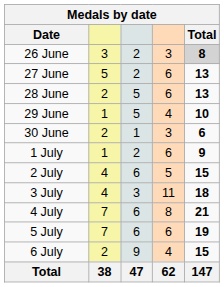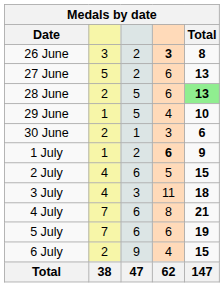 <table class="wikitable" style="font-size:90%; text-align:center;">
 <tr style="background:#efefef;">
 <th colspan=5><strong>Medals by date</strong></th>
 </tr>
 <tr>
 <th width=90><strong>Date</strong></th>
 <th width=30 style="background:#F7F6A8;"></th>
 <th width=30 style="background:#DCE5E5;"></th>
 <th width=30 style="background:#FFDAB9;"></th>
 <th width=30><strong>Total</strong></th>
 </tr>
 <tr>
 <td>26 June</td>
 <td style="background:#F7F6A8;">3</td>
 <td style="background:#DCE5E5;">2</td>
-<td style="background:#FFDAB9;">3</td>
-<td style="background: lightgrey;"><strong>8</strong></td>
+<td style="background:#FFDAB9;"><strong>3</strong></td>
+<td><strong>8</strong></td>
 </tr>
 <tr>
 <td>27 June</td>
 <td style="background:#F7F6A8;">5</td>
 <td style="background:#DCE5E5;">2</td>
 <td style="background:#FFDAB9;">6</td>
 <td><strong>13</strong></td>
 </tr>
 <tr>
 <td>28 June</td>
 <td style="background:#F7F6A8;">2</td>
 <td style="background:#DCE5E5;">5</td>
 <td style="background:#FFDAB9;">6</td>
-<td><strong>13</strong></td>
+<td style="background: lightgreen;"><strong>13</strong></td>
 </tr>
 <tr>
 <td>29 June</td>
 <td style="background:#F7F6A8;">1</td>
 <td style="background:#DCE5E5;">5</td>
 <td style="background:#FFDAB9;">4</td>
 <td><strong>10</strong></td>
 </tr>
 <tr>
 <td>30 June</td>
 <td style="background:#F7F6A8;">2</td>
 <td style="background:#DCE5E5;">1</td>
 <td style="background:#FFDAB9;">3</td>
 <td><strong>6</strong></td>
 </tr>
 <tr>
 <td>1 July</td>
 <td style="background:#F7F6A8;">1</td>
 <td style="background:#DCE5E5;">2</td>
-<td style="background:#FFDAB9;">6</td>
+<td style="background:#FFDAB9;"><strong>6</strong></td>
 <td><strong>9</strong></td>
 </tr>
 <tr>
 <td>2 July</td>
 <td style="background:#F7F6A8;">4</td>
 <td style="background:#DCE5E5;">6</td>
 <td style="background:#FFDAB9;">5</td>
 <td><strong>15</strong></td>
 </tr>
 <tr>
 <td>3 July</td>
 <td style="background:#F7F6A8;">4</td>
 <td style="background:#DCE5E5;">3</td>
 <td style="background:#FFDAB9;">11</td>
 <td><strong>18</strong></td>
 </tr>
 <tr>
 <td>4 July</td>
 <td style="background:#F7F6A8;">7</td>
 <td style="background:#DCE5E5;">6</td>
 <td style="background:#FFDAB9;">8</td>
 <td><strong>21</strong></td>
 </tr>
 <tr>
 <td>5 July</td>
 <td style="background:#F7F6A8;">7</td>
 <td style="background:#DCE5E5;">6</td>
 <td style="background:#FFDAB9;">6</td>
 <td><strong>19</strong></td>
 </tr>
 <tr>
 <td>6 July</td>
 <td style="background:#F7F6A8;">2</td>
 <td style="background:#DCE5E5;">9</td>
 <td style="background:#FFDAB9;">4</td>
 <td><strong>15</strong></td>
 </tr>
 <tr>
 <th><strong>Total</strong></th>
 <th><strong>38</strong></th>
 <th><strong>47</strong></th>
 <th><strong>62</strong></th>
 <th><strong>147</strong></th>
 </tr>
 </table>
